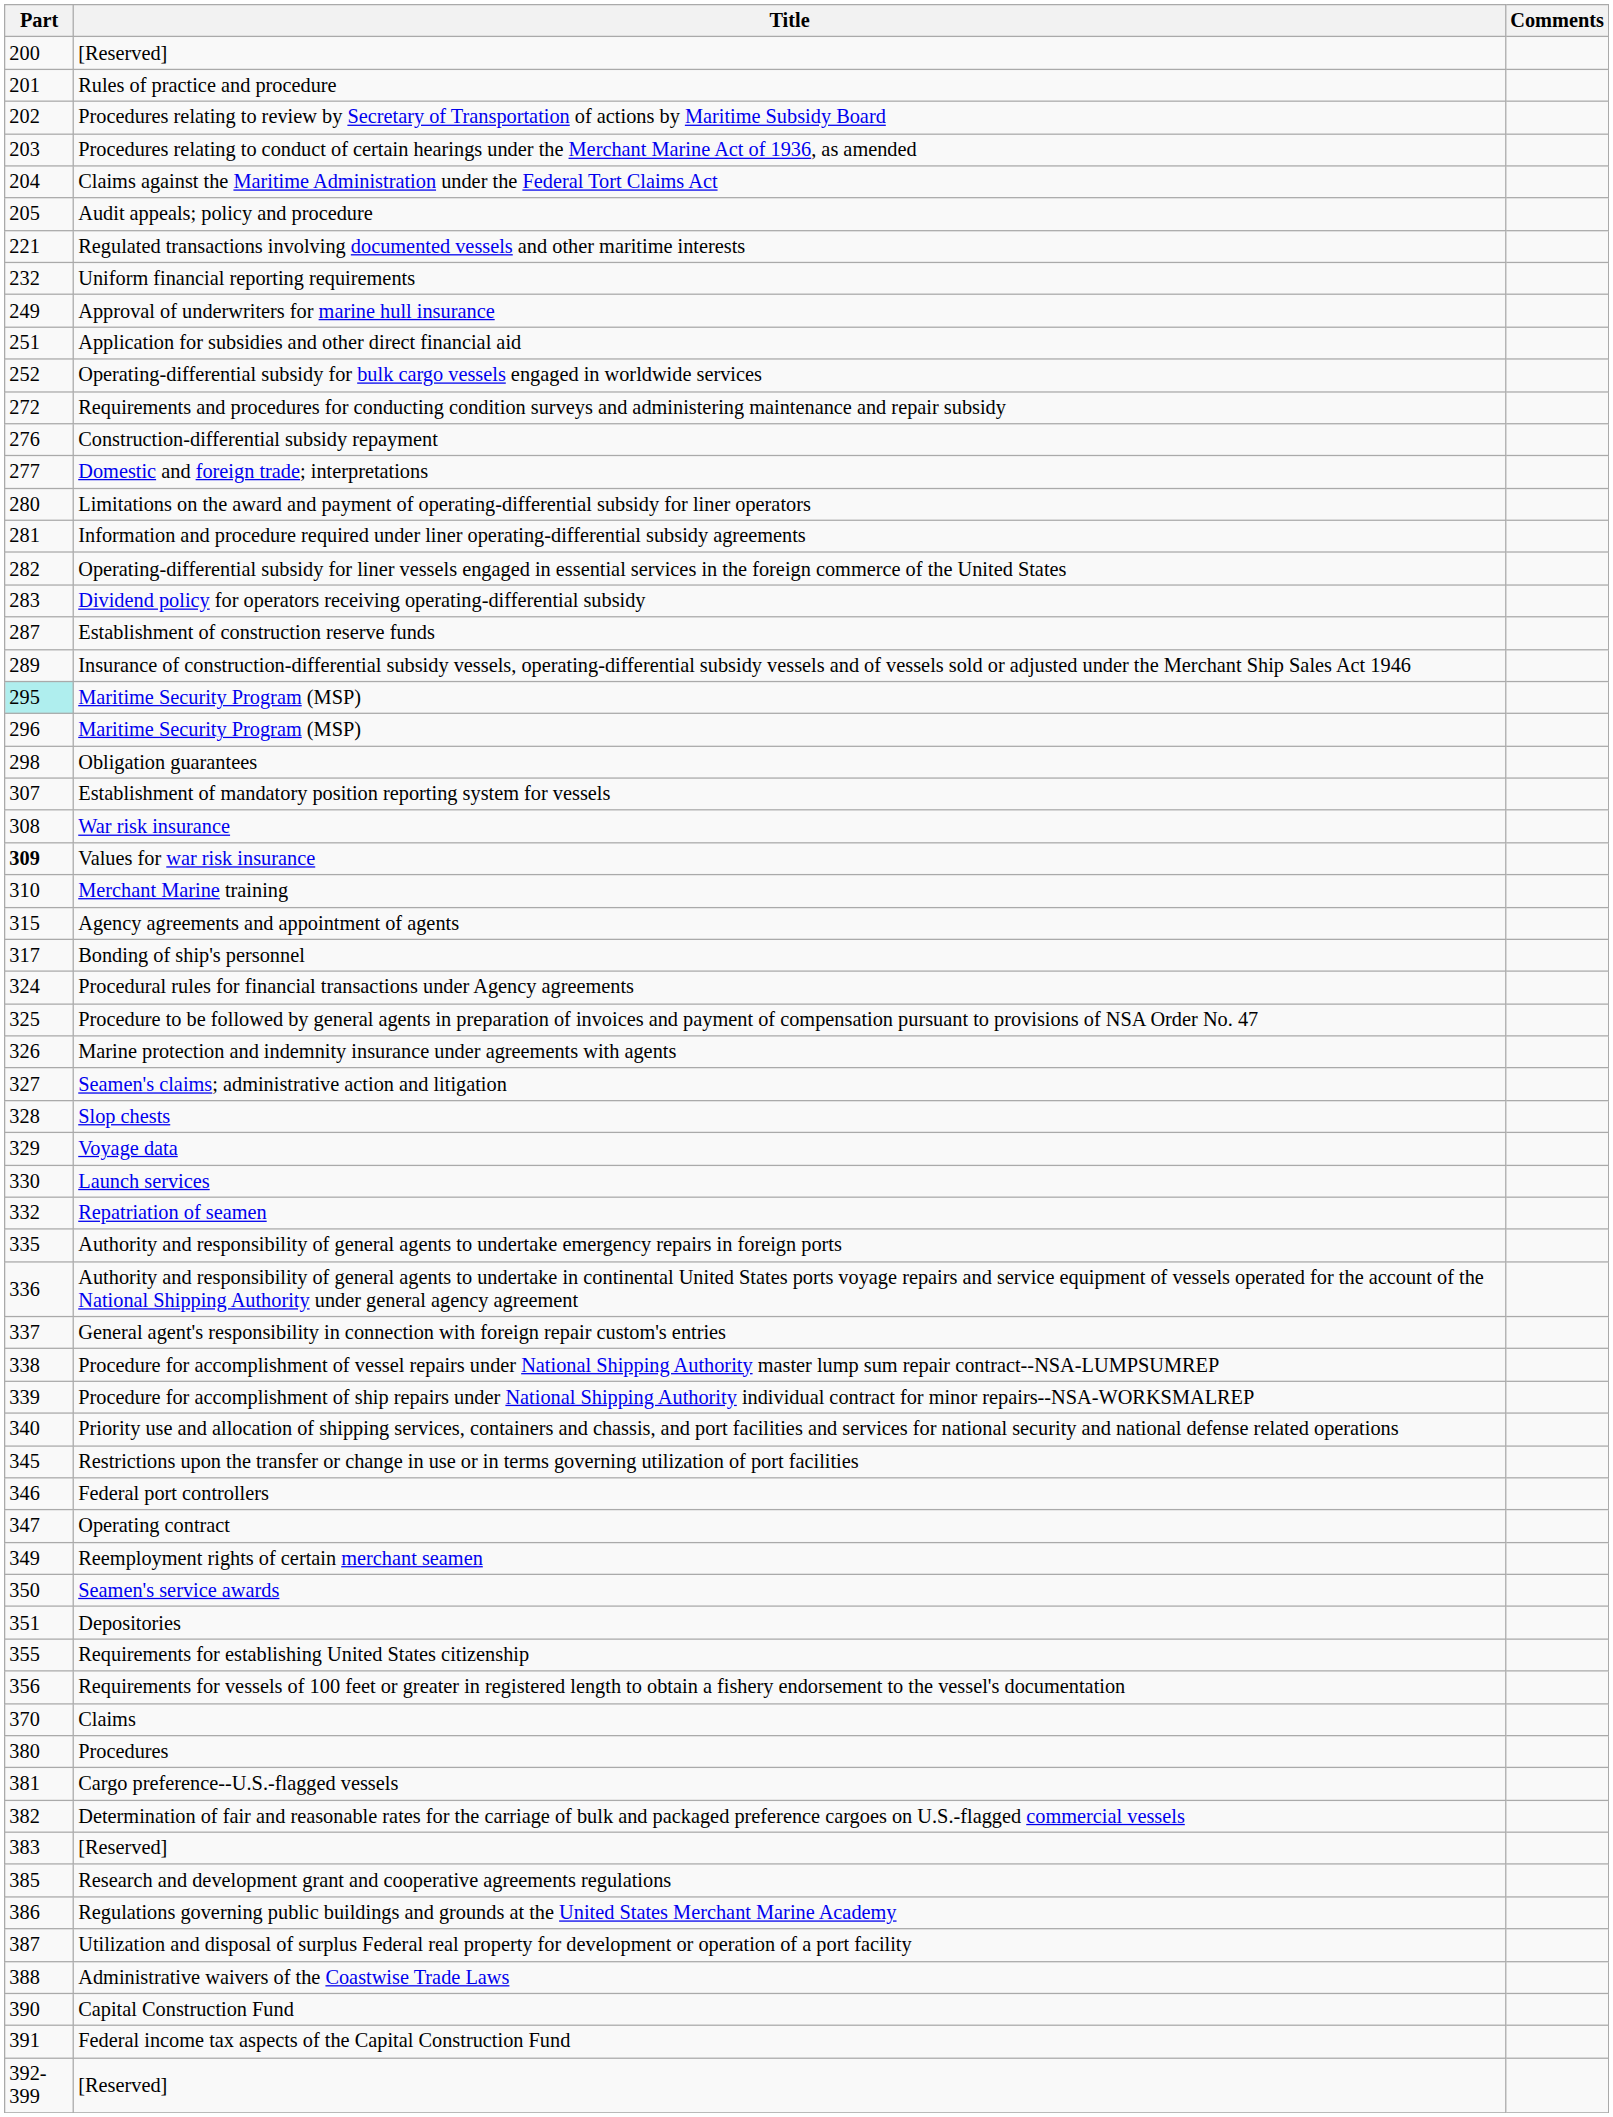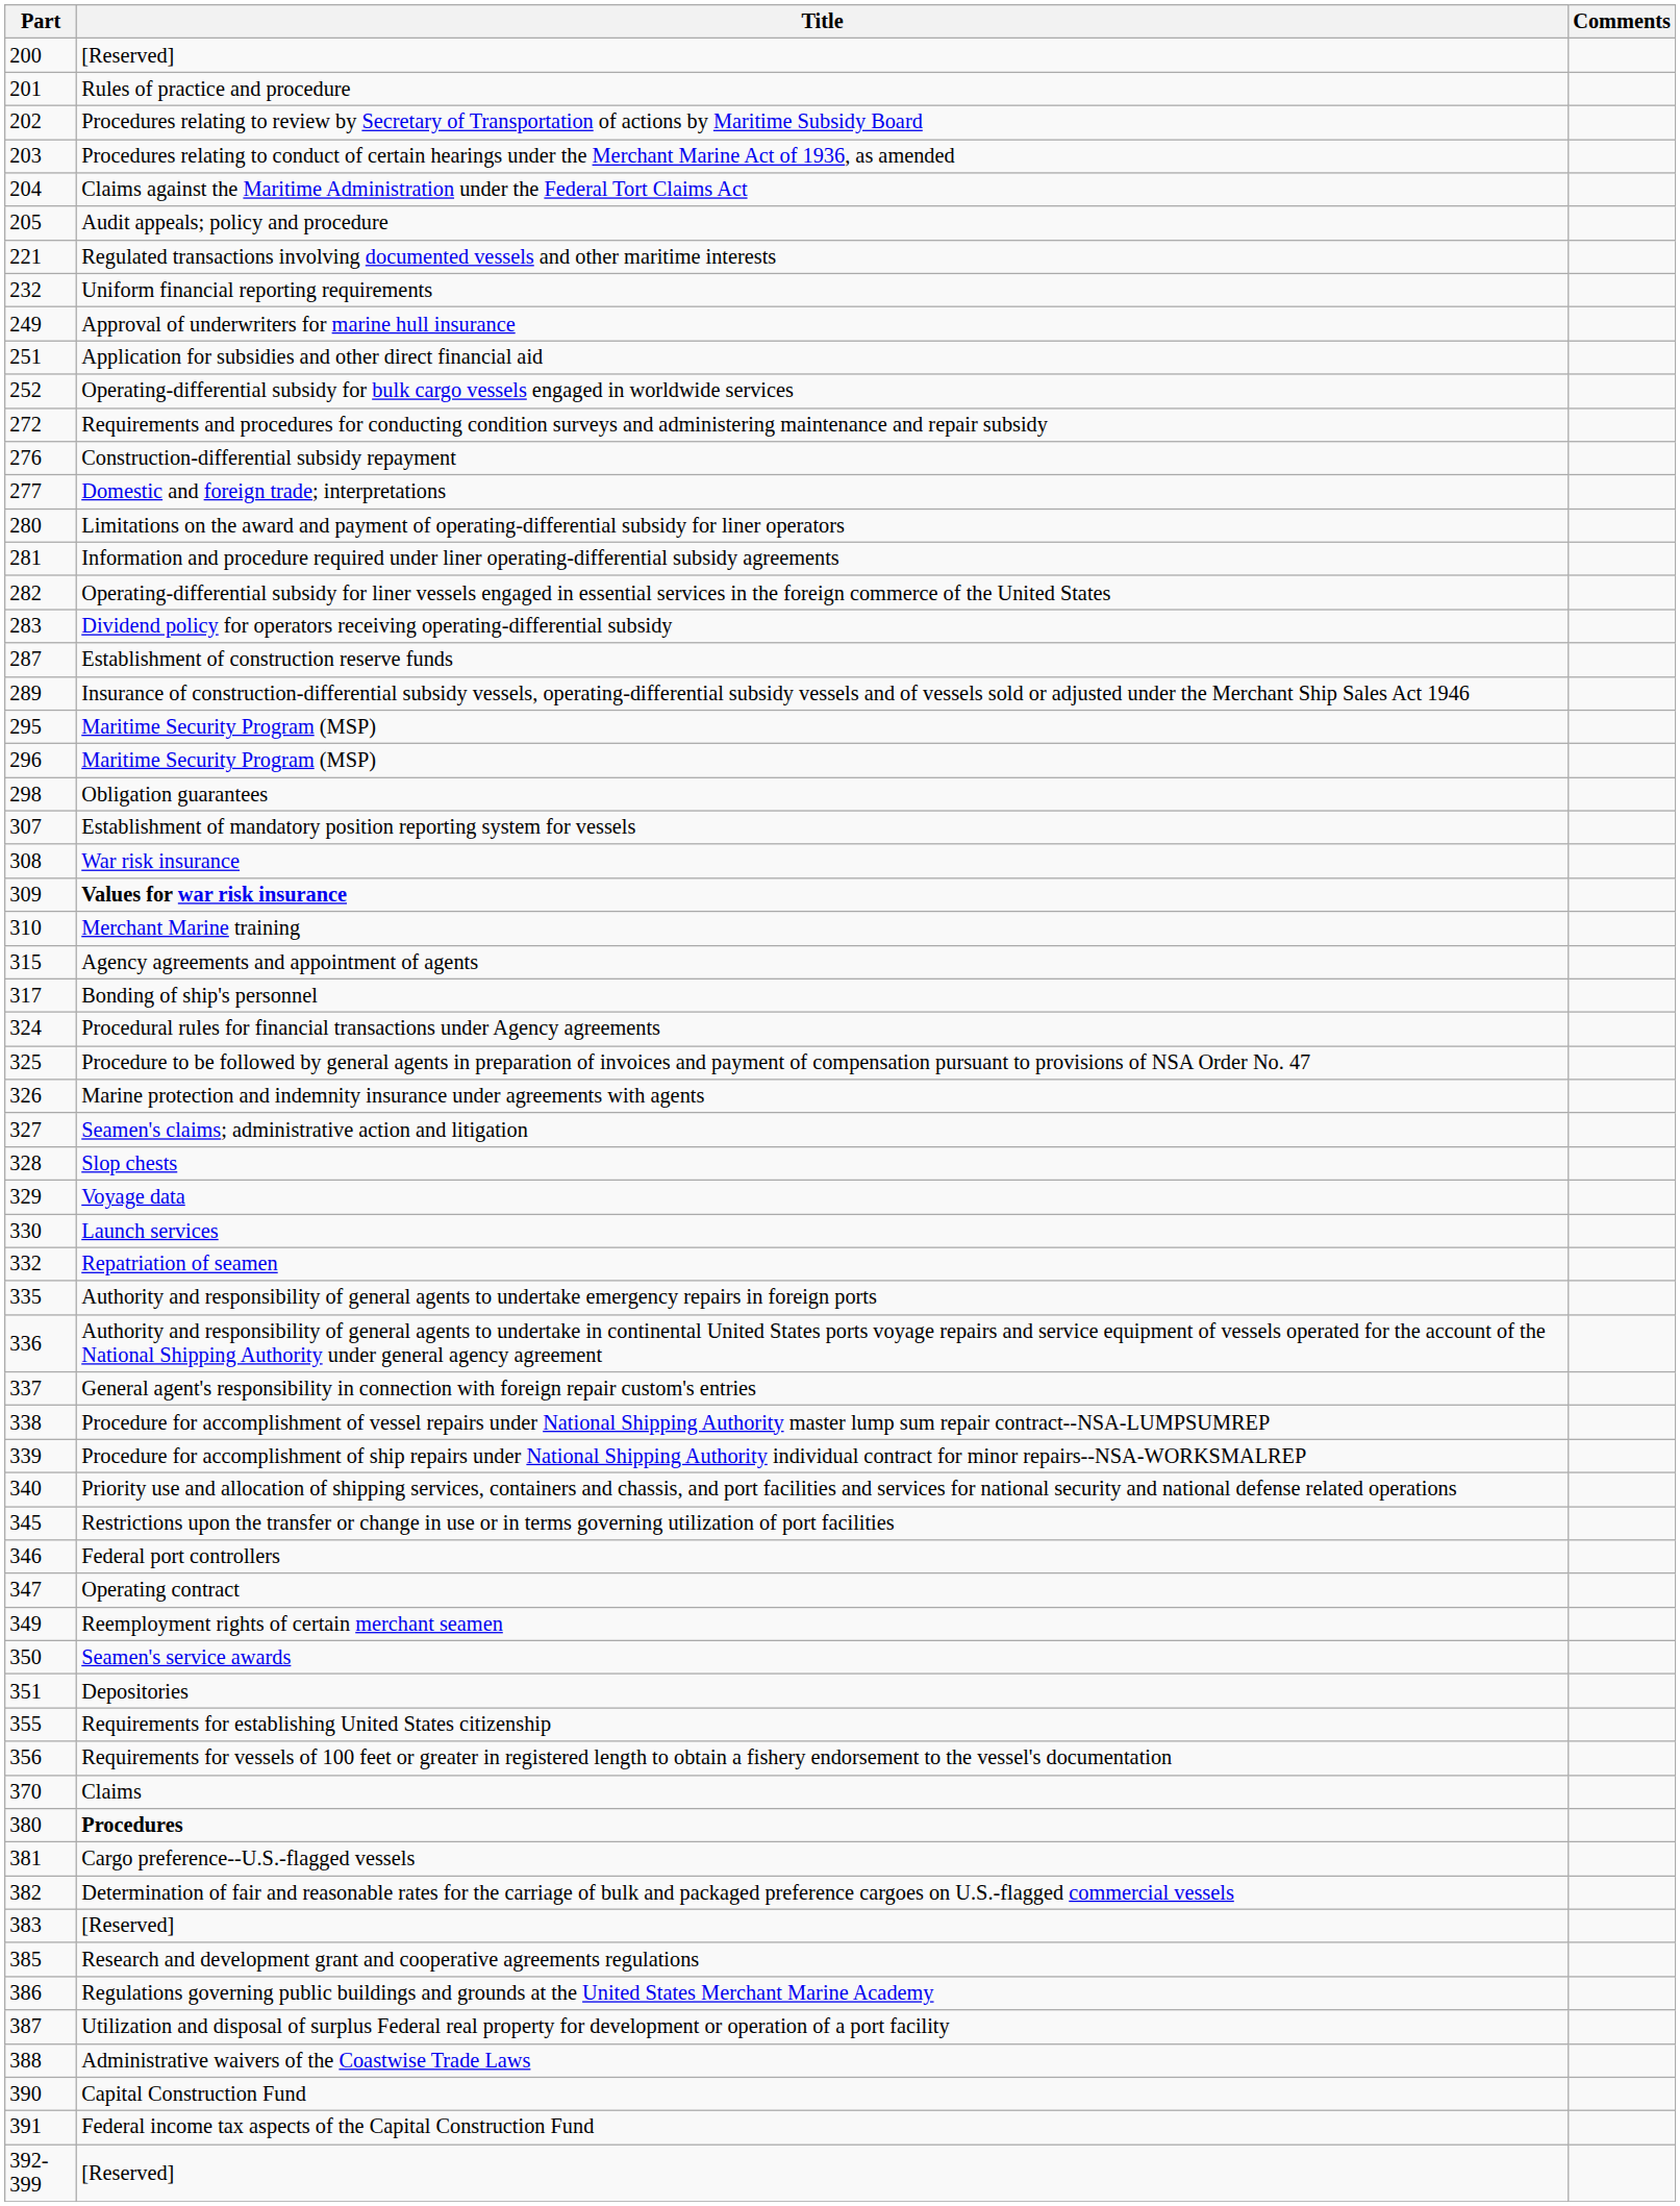 <table class="wikitable" width="100%">
 <tr>
 <th>Part</th>
 <th>Title</th>
 <th>Comments</th>
 </tr>
 <tr>
 <td>200</td>
 <td>[Reserved]</td>
 <td></td>
 </tr>
 <tr>
 <td>201</td>
 <td>Rules of practice and procedure</td>
 <td></td>
 </tr>
 <tr>
 <td>202</td>
 <td>Procedures relating to review by <a href='#'>Secretary of Transportation</a> of actions by <a href='#'>Maritime Subsidy Board</a></td>
 <td></td>
 </tr>
 <tr>
 <td>203</td>
 <td>Procedures relating to conduct of certain hearings under the <a href='#'>Merchant Marine Act of 1936</a>, as amended</td>
 <td></td>
 </tr>
 <tr>
 <td>204</td>
 <td>Claims against the <a href='#'>Maritime Administration</a> under the <a href='#'>Federal Tort Claims Act</a></td>
 <td></td>
 </tr>
 <tr>
 <td>205</td>
 <td>Audit appeals; policy and procedure</td>
 <td></td>
 </tr>
 <tr>
 <td>221</td>
 <td>Regulated transactions involving <a href='#'>documented vessels</a> and other maritime interests</td>
 <td></td>
 </tr>
 <tr>
 <td>232</td>
 <td>Uniform financial reporting requirements</td>
 <td></td>
 </tr>
 <tr>
 <td>249</td>
 <td>Approval of underwriters for <a href='#'>marine hull insurance</a></td>
 <td></td>
 </tr>
 <tr>
 <td>251</td>
 <td>Application for subsidies and other direct financial aid</td>
 <td></td>
 </tr>
 <tr>
 <td>252</td>
 <td>Operating-differential subsidy for <a href='#'>bulk cargo vessels</a> engaged in worldwide services</td>
 <td></td>
 </tr>
 <tr>
 <td>272</td>
 <td>Requirements and procedures for conducting condition surveys and administering maintenance and repair subsidy</td>
 <td></td>
 </tr>
 <tr>
 <td>276</td>
 <td>Construction-differential subsidy repayment</td>
 <td></td>
 </tr>
 <tr>
 <td>277</td>
 <td><a href='#'>Domestic</a> and <a href='#'>foreign trade</a>; interpretations</td>
 <td></td>
 </tr>
 <tr>
 <td>280</td>
 <td>Limitations on the award and payment of operating-differential subsidy for liner operators</td>
 <td></td>
 </tr>
 <tr>
 <td>281</td>
 <td>Information and procedure required under liner operating-differential subsidy agreements</td>
 <td></td>
 </tr>
 <tr>
 <td>282</td>
 <td>Operating-differential subsidy for liner vessels engaged in essential services in the foreign commerce of the United States</td>
 <td></td>
 </tr>
 <tr>
 <td>283</td>
 <td><a href='#'>Dividend policy</a> for operators receiving operating-differential subsidy</td>
 <td></td>
 </tr>
 <tr>
 <td>287</td>
 <td>Establishment of construction reserve funds</td>
 <td></td>
 </tr>
 <tr>
 <td>289</td>
 <td>Insurance of construction-differential subsidy vessels, operating-differential subsidy vessels and of vessels sold or adjusted under the Merchant Ship Sales Act 1946</td>
 <td></td>
 </tr>
 <tr>
-<td style="background: paleturquoise;">295</td>
+<td>295</td>
 <td><a href='#'>Maritime Security Program</a> (MSP)</td>
 <td></td>
 </tr>
 <tr>
 <td>296</td>
 <td><a href='#'>Maritime Security Program</a> (MSP)</td>
 <td></td>
 </tr>
 <tr>
 <td>298</td>
 <td>Obligation guarantees</td>
 <td></td>
 </tr>
 <tr>
 <td>307</td>
 <td>Establishment of mandatory position reporting system for vessels</td>
 <td></td>
 </tr>
 <tr>
 <td>308</td>
 <td><a href='#'>War risk insurance</a></td>
 <td></td>
 </tr>
 <tr>
-<td><strong>309</strong></td>
-<td>Values for <a href='#'>war risk insurance</a></td>
+<td>309</td>
+<td><strong>Values for <a href='#'>war risk insurance</a></strong></td>
 <td></td>
 </tr>
 <tr>
 <td>310</td>
 <td><a href='#'>Merchant Marine</a> training</td>
 <td></td>
 </tr>
 <tr>
 <td>315</td>
 <td>Agency agreements and appointment of agents</td>
 <td></td>
 </tr>
 <tr>
 <td>317</td>
 <td>Bonding of ship's personnel</td>
 <td></td>
 </tr>
 <tr>
 <td>324</td>
 <td>Procedural rules for financial transactions under Agency agreements</td>
 <td></td>
 </tr>
 <tr>
 <td>325</td>
 <td>Procedure to be followed by general agents in preparation of invoices and payment of compensation pursuant to provisions of NSA Order No. 47</td>
 <td></td>
 </tr>
 <tr>
 <td>326</td>
 <td>Marine protection and indemnity insurance under agreements with agents</td>
 <td></td>
 </tr>
 <tr>
 <td>327</td>
 <td><a href='#'>Seamen's claims</a>; administrative action and litigation</td>
 <td></td>
 </tr>
 <tr>
 <td>328</td>
 <td><a href='#'>Slop chests</a></td>
 <td></td>
 </tr>
 <tr>
 <td>329</td>
 <td><a href='#'>Voyage data</a></td>
 <td></td>
 </tr>
 <tr>
 <td>330</td>
 <td><a href='#'>Launch services</a></td>
 <td></td>
 </tr>
 <tr>
 <td>332</td>
 <td><a href='#'>Repatriation of seamen</a></td>
 <td></td>
 </tr>
 <tr>
 <td>335</td>
 <td>Authority and responsibility of general agents to undertake emergency repairs in foreign ports</td>
 <td></td>
 </tr>
 <tr>
 <td>336</td>
 <td>Authority and responsibility of general agents to undertake in continental United States ports voyage repairs and service equipment of vessels operated for the account of the <a href='#'>National Shipping Authority</a> under general agency agreement</td>
 <td></td>
 </tr>
 <tr>
 <td>337</td>
 <td>General agent's responsibility in connection with foreign repair custom's entries</td>
 <td></td>
 </tr>
 <tr>
 <td>338</td>
 <td>Procedure for accomplishment of vessel repairs under <a href='#'>National Shipping Authority</a> master lump sum repair contract--NSA-LUMPSUMREP</td>
 <td></td>
 </tr>
 <tr>
 <td>339</td>
 <td>Procedure for accomplishment of ship repairs under <a href='#'>National Shipping Authority</a> individual contract for minor repairs--NSA-WORKSMALREP</td>
 <td></td>
 </tr>
 <tr>
 <td>340</td>
 <td>Priority use and allocation of shipping services, containers and chassis, and port facilities and services for national security and national defense related operations</td>
 <td></td>
 </tr>
 <tr>
 <td>345</td>
 <td>Restrictions upon the transfer or change in use or in terms governing utilization of port facilities</td>
 <td></td>
 </tr>
 <tr>
 <td>346</td>
 <td>Federal port controllers</td>
 <td></td>
 </tr>
 <tr>
 <td>347</td>
 <td>Operating contract</td>
 <td></td>
 </tr>
 <tr>
 <td>349</td>
 <td>Reemployment rights of certain <a href='#'>merchant seamen</a></td>
 <td></td>
 </tr>
 <tr>
 <td>350</td>
 <td><a href='#'>Seamen's service awards</a></td>
 <td></td>
 </tr>
 <tr>
 <td>351</td>
 <td>Depositories</td>
 <td></td>
 </tr>
 <tr>
 <td>355</td>
 <td>Requirements for establishing United States citizenship</td>
 <td></td>
 </tr>
 <tr>
 <td>356</td>
 <td>Requirements for vessels of 100 feet or greater in registered length to obtain a fishery endorsement to the vessel's documentation</td>
 <td></td>
 </tr>
 <tr>
 <td>370</td>
 <td>Claims</td>
 <td></td>
 </tr>
 <tr>
 <td>380</td>
-<td>Procedures</td>
+<td><strong>Procedures</strong></td>
 <td></td>
 </tr>
 <tr>
 <td>381</td>
 <td>Cargo preference--U.S.-flagged vessels</td>
 <td></td>
 </tr>
 <tr>
 <td>382</td>
 <td>Determination of fair and reasonable rates for the carriage of bulk and packaged preference cargoes on U.S.-flagged <a href='#'>commercial vessels</a></td>
 <td></td>
 </tr>
 <tr>
 <td>383</td>
 <td>[Reserved]</td>
 <td></td>
 </tr>
 <tr>
 <td>385</td>
 <td>Research and development grant and cooperative agreements regulations</td>
 <td></td>
 </tr>
 <tr>
 <td>386</td>
 <td>Regulations governing public buildings and grounds at the <a href='#'>United States Merchant Marine Academy</a></td>
 <td></td>
 </tr>
 <tr>
 <td>387</td>
 <td>Utilization and disposal of surplus Federal real property for development or operation of a port facility</td>
 <td></td>
 </tr>
 <tr>
 <td>388</td>
 <td>Administrative waivers of the <a href='#'>Coastwise Trade Laws</a></td>
 <td></td>
 </tr>
 <tr>
 <td>390</td>
 <td>Capital Construction Fund</td>
 <td></td>
 </tr>
 <tr>
 <td>391</td>
 <td>Federal income tax aspects of the Capital Construction Fund</td>
 <td></td>
 </tr>
 <tr>
 <td>392-399</td>
 <td>[Reserved]</td>
 <td></td>
 </tr>
 </table>
